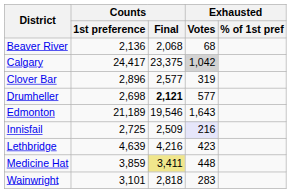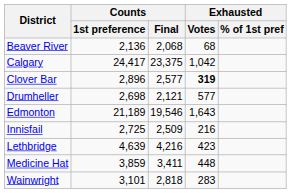 <table class="wikitable" style="text-align:right;">
 <tr>
 <th rowspan="2">District</th>
 <th colspan="2">Counts</th>
 <th colspan="3">Exhausted</th>
 </tr>
 <tr>
 <th>1st preference</th>
 <th>Final</th>
 <th>Votes</th>
 <th colspan="2">% of 1st pref</th>
 </tr>
 <tr>
 <td style="text-align:left;"><a href='#'>Beaver River</a></td>
 <td>2,136</td>
 <td>2,068</td>
 <td>68</td>
 <td></td>
 </tr>
 <tr>
 <td style="text-align:left;"><a href='#'>Calgary</a></td>
 <td>24,417</td>
 <td>23,375</td>
-<td style="background: lightgrey;">1,042</td>
+<td>1,042</td>
 <td></td>
 </tr>
 <tr>
 <td style="text-align:left;"><a href='#'>Clover Bar</a></td>
 <td>2,896</td>
 <td>2,577</td>
-<td>319</td>
+<td><strong>319</strong></td>
 <td></td>
 </tr>
 <tr>
 <td style="text-align:left;"><a href='#'>Drumheller</a></td>
 <td>2,698</td>
-<td><strong>2,121</strong></td>
+<td>2,121</td>
 <td>577</td>
 <td></td>
 </tr>
 <tr>
 <td style="text-align:left;"><a href='#'>Edmonton</a></td>
 <td>21,189</td>
 <td>19,546</td>
 <td>1,643</td>
 <td></td>
 </tr>
 <tr>
 <td style="text-align:left;"><a href='#'>Innisfail</a></td>
 <td>2,725</td>
 <td>2,509</td>
-<td style="background: lavender;">216</td>
+<td>216</td>
 <td></td>
 </tr>
 <tr>
 <td style="text-align:left;"><a href='#'>Lethbridge</a></td>
 <td>4,639</td>
 <td>4,216</td>
 <td>423</td>
 <td></td>
 </tr>
 <tr>
 <td style="text-align:left;"><a href='#'>Medicine Hat</a></td>
 <td>3,859</td>
-<td style="background: khaki;">3,411</td>
+<td>3,411</td>
 <td>448</td>
 <td></td>
 </tr>
 <tr>
 <td style="text-align:left;"><a href='#'>Wainwright</a></td>
 <td>3,101</td>
 <td>2,818</td>
 <td>283</td>
 <td></td>
 </tr>
 </table>
